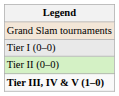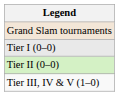 <table class=wikitable style=font-size:90%>
 <tr>
 <th>Legend</th>
 </tr>
 <tr>
 <td bgcolor=#f3e6d7>Grand Slam tournaments</td>
 </tr>
 <tr>
 <td bgcolor=#e9e9e9>Tier I (0–0)</td>
 </tr>
 <tr>
 <td bgcolor=#d4f1c5>Tier II (0–0)</td>
 </tr>
 <tr>
-<td><strong>Tier III, IV & V (1–0)</strong></td>
+<td>Tier III, IV & V (1–0)</td>
 </tr>
 </table>
